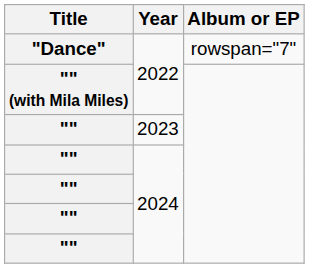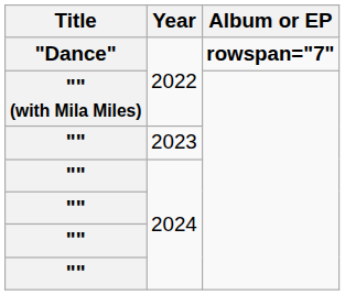 <table class="wikitable plainrowheaders" style="text-align:center;">
 <tr>
 <th scope="col">Title</th>
 <th scope="col">Year</th>
 <th scope="col">Album or EP</th>
 </tr>
 <tr>
 <th scope="row">"Dance"</th>
 <td rowspan="2">2022</td>
-<td>rowspan="7" </td>
+<td><strong>rowspan="7" </strong></td>
 </tr>
 <tr>
 <th scope="row">""<br><small>(with Mila Miles)</small></th>
 </tr>
 <tr>
 <th scope="row">""</th>
 <td>2023</td>
 </tr>
 <tr>
 <th scope="row">""<br></th>
 <td rowspan="4">2024</td>
 </tr>
 <tr>
 <th scope="row">""</th>
 </tr>
 <tr>
 <th scope="row">""<br></th>
 </tr>
 <tr>
 <th scope="row">""<br></th>
 </tr>
 </table>
